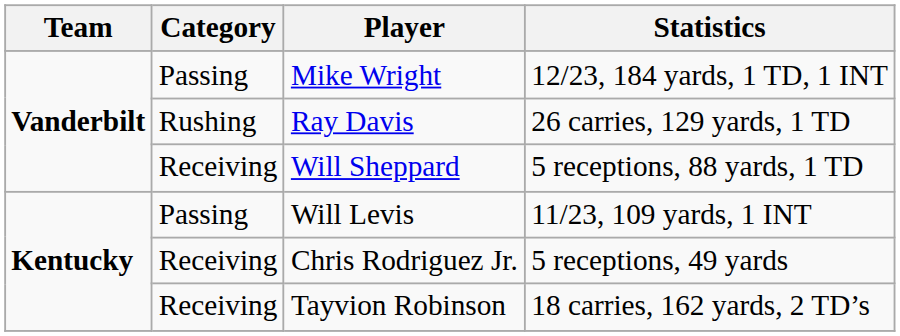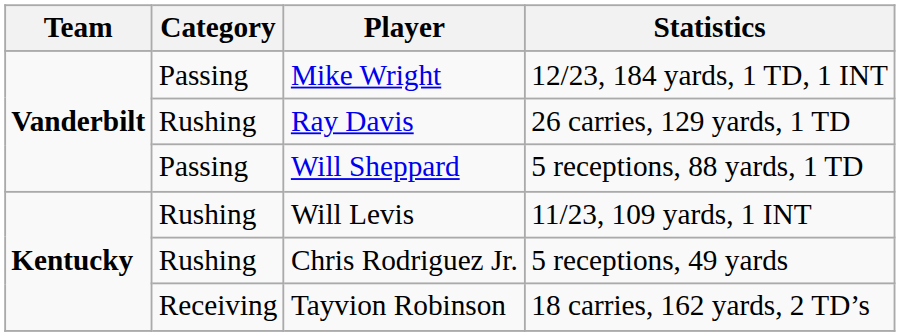 <table class="wikitable" style="float: right;">
 <tr>
 <th>Team</th>
 <th>Category</th>
 <th>Player</th>
 <th>Statistics</th>
 </tr>
 <tr>
 <td rowspan=3><strong>Vanderbilt</strong></td>
 <td>Passing</td>
 <td><a href='#'>Mike Wright</a></td>
 <td>12/23, 184 yards, 1 TD, 1 INT</td>
 </tr>
 <tr>
 <td>Rushing</td>
 <td><a href='#'>Ray Davis</a></td>
 <td>26 carries, 129 yards, 1 TD</td>
 </tr>
 <tr>
-<td>Receiving</td>
+<td>Passing</td>
 <td><a href='#'>Will Sheppard</a></td>
 <td>5 receptions, 88 yards, 1 TD</td>
 </tr>
 <tr>
 <td rowspan=3><strong>Kentucky</strong></td>
-<td>Passing</td>
+<td>Rushing</td>
 <td>Will Levis</td>
 <td>11/23, 109 yards, 1 INT</td>
 </tr>
 <tr>
-<td>Receiving</td>
+<td>Rushing</td>
 <td>Chris Rodriguez Jr.</td>
 <td>5 receptions, 49 yards</td>
 </tr>
 <tr>
 <td>Receiving</td>
 <td>Tayvion Robinson</td>
 <td>18 carries, 162 yards, 2 TD’s</td>
 </tr>
 </table>
